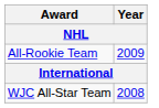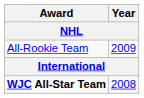 <table class="wikitable">
 <tr>
 <th>Award</th>
 <th>Year</th>
 </tr>
 <tr>
 <th colspan="2"><a href='#'>NHL</a></th>
 </tr>
 <tr>
 <td><a href='#'>All-Rookie Team</a></td>
 <td><a href='#'>2009</a></td>
 </tr>
 <tr>
 <th colspan="2"><a href='#'>International</a></th>
 </tr>
 <tr>
-<td><a href='#'>WJC</a> All-Star Team</td>
+<td><strong><a href='#'>WJC</a> All-Star Team</strong></td>
 <td><a href='#'>2008</a></td>
 </tr>
 </table>
